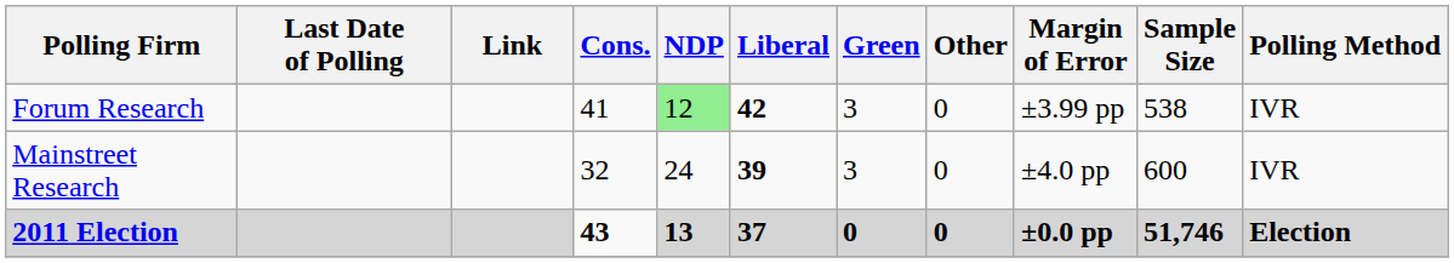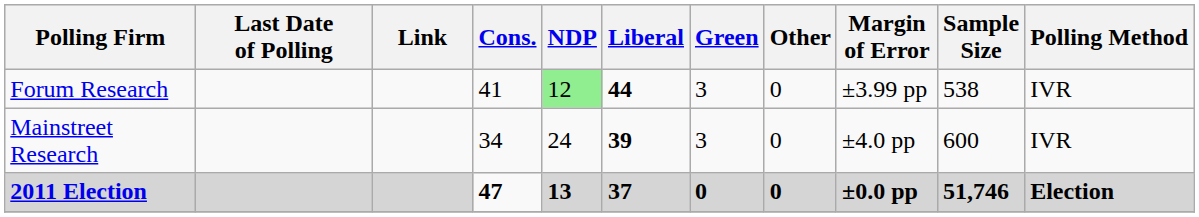 <table class="wikitable sortable">
 <tr style="background:#e9e9e9;">
 <th style="width:120px">Polling Firm</th>
 <th style="width:110px">Last Date<br>of Polling</th>
 <th style="width:60px" class="unsortable">Link</th>
 <th style="background-color:"><strong><a href='#'>Cons.</a></strong></th>
 <th style="background-color:"><strong><a href='#'>NDP</a></strong></th>
 <th style="background-color:"><strong><a href='#'>Liberal</a></strong></th>
 <th style="background-color:"><strong><a href='#'>Green</a></strong></th>
 <th style="background-color:"><strong>Other</strong></th>
 <th style="width:60px;" class=unsortable>Margin<br>of Error</th>
 <th style="width:50px;" class=unsortable>Sample<br>Size</th>
 <th class=unsortable>Polling Method</th>
 </tr>
 <tr>
 <td><a href='#'>Forum Research</a></td>
 <td></td>
 <td></td>
 <td>41</td>
 <td style="background: lightgreen;">12</td>
-<td><strong>42</strong></td>
+<td><strong>44</strong></td>
 <td>3</td>
 <td>0</td>
 <td>±3.99 pp</td>
 <td>538</td>
 <td>IVR</td>
 </tr>
 <tr>
 <td><a href='#'>Mainstreet Research</a></td>
 <td></td>
 <td></td>
-<td>32</td>
+<td>34</td>
 <td>24</td>
 <td><strong>39</strong></td>
 <td>3</td>
 <td>0</td>
 <td>±4.0 pp</td>
 <td>600</td>
 <td>IVR</td>
 </tr>
 <tr>
 <td style="background:#D5D5D5"><strong><a href='#'>2011 Election</a></strong></td>
 <td style="background:#D5D5D5"><strong></strong></td>
 <td style="background:#D5D5D5"></td>
-<td><strong>43</strong></td>
+<td><strong>47</strong></td>
 <td style="background:#D5D5D5"><strong>13</strong></td>
 <td style="background:#D5D5D5"><strong>37</strong></td>
 <td style="background:#D5D5D5"><strong>0</strong></td>
 <td style="background:#D5D5D5"><strong>0</strong></td>
 <td style="background:#D5D5D5"><strong>±0.0 pp</strong></td>
 <td style="background:#D5D5D5"><strong>51,746</strong></td>
 <td style="background:#D5D5D5"><strong>Election</strong></td>
 </tr>
 <tr>
 </tr>
 <tr>
 </tr>
 </table>
